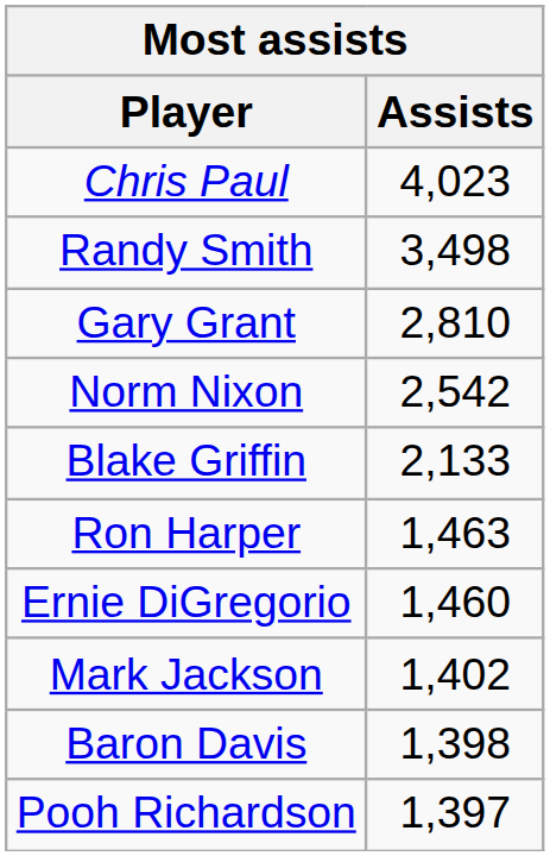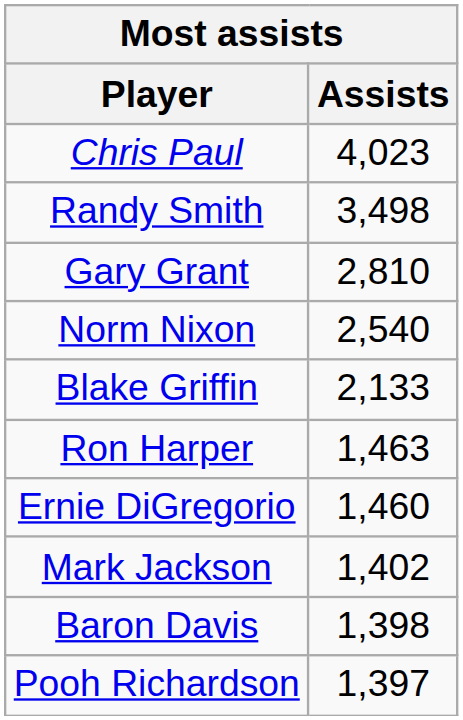 <table class="wikitable sortable" style="text-align:center">
 <tr>
 <th colspan="2" style="text-align:center; ">Most assists</th>
 </tr>
 <tr>
 <th style="text-align:center; ">Player</th>
 <th style="text-align:center; ">Assists</th>
 </tr>
 <tr>
 <td><em><a href='#'>Chris Paul</a></em></td>
 <td>4,023</td>
 </tr>
 <tr>
 <td><a href='#'>Randy Smith</a></td>
 <td>3,498</td>
 </tr>
 <tr>
 <td><a href='#'>Gary Grant</a></td>
 <td>2,810</td>
 </tr>
 <tr>
 <td><a href='#'>Norm Nixon</a></td>
-<td>2,542</td>
+<td>2,540</td>
 </tr>
 <tr>
 <td><a href='#'>Blake Griffin</a></td>
 <td>2,133</td>
 </tr>
 <tr>
 <td><a href='#'>Ron Harper</a></td>
 <td>1,463</td>
 </tr>
 <tr>
 <td><a href='#'>Ernie DiGregorio</a></td>
 <td>1,460</td>
 </tr>
 <tr>
 <td><a href='#'>Mark Jackson</a></td>
 <td>1,402</td>
 </tr>
 <tr>
 <td><a href='#'>Baron Davis</a></td>
 <td>1,398</td>
 </tr>
 <tr>
 <td><a href='#'>Pooh Richardson</a></td>
 <td>1,397</td>
 </tr>
 </table>
